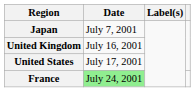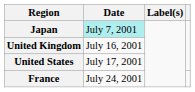 <table class="wikitable sortable plainrowheaders">
 <tr>
 <th scope="col">Region</th>
 <th scope="col">Date</th>
 <th scope="col">Label(s)</th>
 <th scope="col"></th>
 </tr>
 <tr>
 <th scope="row">Japan</th>
-<td>July 7, 2001</td>
+<td style="background: paleturquoise;">July 7, 2001</td>
 <td rowspan="4"></td>
 <td rowspan="3"></td>
 </tr>
 <tr>
 <th scope="row">United Kingdom</th>
 <td>July 16, 2001</td>
 </tr>
 <tr>
 <th scope="row">United States</th>
 <td>July 17, 2001</td>
 </tr>
 <tr>
 <th scope="row">France</th>
-<td style="background: lightgreen;">July 24, 2001</td>
+<td>July 24, 2001</td>
 <td></td>
 </tr>
 </table>
